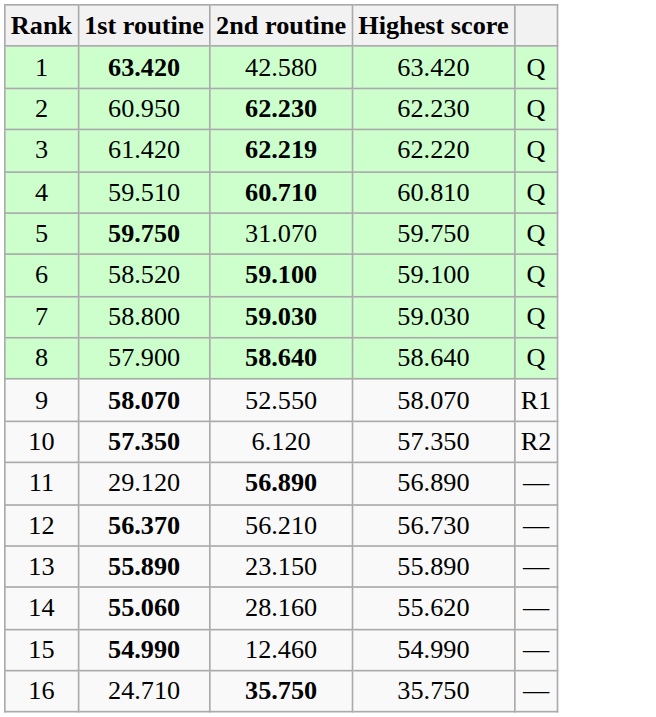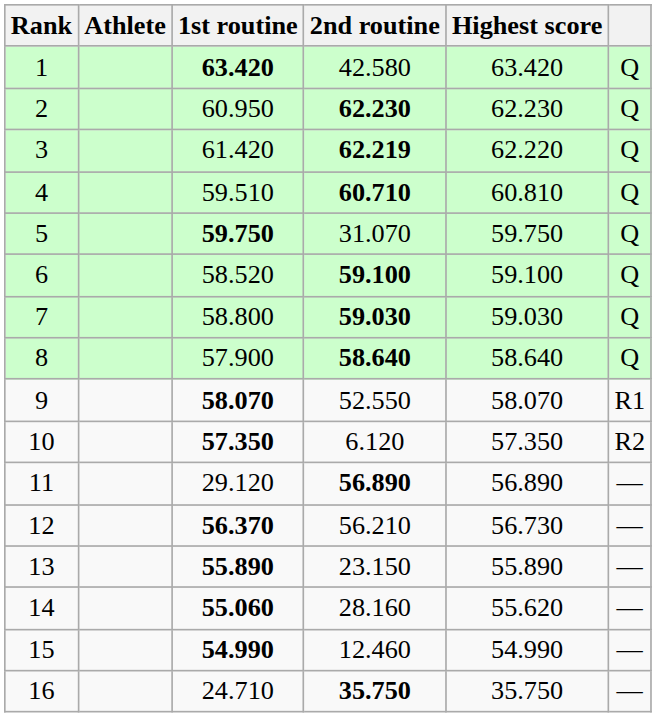 <table class="wikitable sortable" style="text-align:center;">
 <tr>
 <th>Rank</th>
+<th>Athlete</th>
 <th>1st routine</th>
 <th>2nd routine</th>
 <th>Highest score</th>
 <th></th>
 </tr>
 <tr bgcolor=ccffcc>
 <td>1</td>
+<td align=left></td>
 <td><strong>63.420</strong></td>
 <td>42.580</td>
 <td>63.420</td>
 <td>Q</td>
 </tr>
 <tr bgcolor=ccffcc>
 <td>2</td>
+<td align=left></td>
 <td>60.950</td>
 <td><strong>62.230</strong></td>
 <td>62.230</td>
 <td>Q</td>
 </tr>
 <tr bgcolor=ccffcc>
 <td>3</td>
+<td align=left></td>
 <td>61.420</td>
 <td><strong>62.219</strong></td>
 <td>62.220</td>
 <td>Q</td>
 </tr>
 <tr bgcolor=ccffcc>
 <td>4</td>
+<td align=left></td>
 <td>59.510</td>
 <td><strong>60.710</strong></td>
 <td>60.810</td>
 <td>Q</td>
 </tr>
 <tr bgcolor=ccffcc>
 <td>5</td>
+<td align=left></td>
 <td><strong>59.750</strong></td>
 <td>31.070</td>
 <td>59.750</td>
 <td>Q</td>
 </tr>
 <tr bgcolor=ccffcc>
 <td>6</td>
+<td align=left></td>
 <td>58.520</td>
 <td><strong>59.100</strong></td>
 <td>59.100</td>
 <td>Q</td>
 </tr>
 <tr bgcolor=ccffcc>
 <td>7</td>
+<td align=left></td>
 <td>58.800</td>
 <td><strong>59.030</strong></td>
 <td>59.030</td>
 <td>Q</td>
 </tr>
 <tr bgcolor=ccffcc>
 <td>8</td>
+<td align=left></td>
 <td>57.900</td>
 <td><strong>58.640</strong></td>
 <td>58.640</td>
 <td>Q</td>
 </tr>
 <tr>
 <td>9</td>
+<td align=left></td>
 <td><strong>58.070</strong></td>
 <td>52.550</td>
 <td>58.070</td>
 <td>R1</td>
 </tr>
 <tr>
 <td>10</td>
+<td align=left></td>
 <td><strong>57.350</strong></td>
 <td>6.120</td>
 <td>57.350</td>
 <td>R2</td>
 </tr>
 <tr>
 <td>11</td>
+<td align=left></td>
 <td>29.120</td>
 <td><strong>56.890</strong></td>
 <td>56.890</td>
 <td>—</td>
 </tr>
 <tr>
 <td>12</td>
+<td align=left></td>
 <td><strong>56.370</strong></td>
 <td>56.210</td>
 <td>56.730</td>
 <td>—</td>
 </tr>
 <tr>
 <td>13</td>
+<td align=left></td>
 <td><strong>55.890</strong></td>
 <td>23.150</td>
 <td>55.890</td>
 <td>—</td>
 </tr>
 <tr>
 <td>14</td>
+<td align=left></td>
 <td><strong>55.060</strong></td>
 <td>28.160</td>
 <td>55.620</td>
 <td>—</td>
 </tr>
 <tr>
 <td>15</td>
+<td align=left></td>
 <td><strong>54.990</strong></td>
 <td>12.460</td>
 <td>54.990</td>
 <td>—</td>
 </tr>
 <tr>
 <td>16</td>
+<td align=left></td>
 <td>24.710</td>
 <td><strong>35.750</strong></td>
 <td>35.750</td>
 <td>—</td>
 </tr>
 </table>
